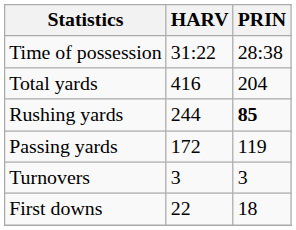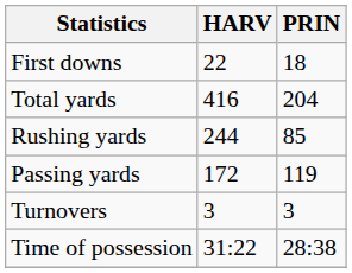 <table class="wikitable">
 <tr>
 <th>Statistics</th>
 <th>HARV</th>
 <th>PRIN</th>
 </tr>
 <tr>
-<td>Time of possession</td>
-<td>31:22</td>
-<td>28:38</td>
+<td>First downs</td>
+<td>22</td>
+<td>18</td>
 </tr>
 <tr>
 <td>Total yards</td>
 <td>416</td>
 <td>204</td>
 </tr>
 <tr>
 <td>Rushing yards</td>
 <td>244</td>
-<td><strong>85</strong></td>
+<td>85</td>
 </tr>
 <tr>
 <td>Passing yards</td>
 <td>172</td>
 <td>119</td>
 </tr>
 <tr>
 <td>Turnovers</td>
 <td>3</td>
 <td>3</td>
 </tr>
 <tr>
-<td>First downs</td>
-<td>22</td>
-<td>18</td>
+<td>Time of possession</td>
+<td>31:22</td>
+<td>28:38</td>
 </tr>
 <tr>
 </tr>
 </table>
